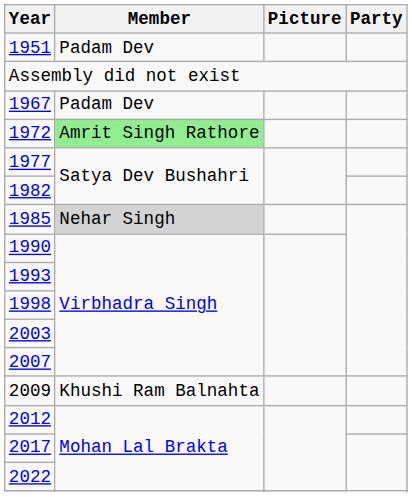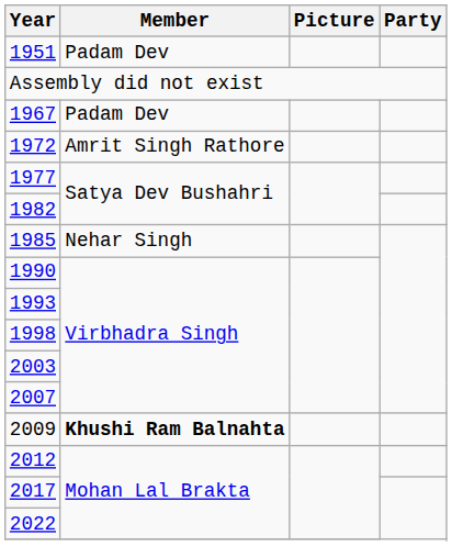 <table class="wikitable sortable">
 <tr>
 <th>Year</th>
 <th>Member</th>
 <th>Picture</th>
 <th colspan="2">Party</th>
 </tr>
 <tr>
 <td><a href='#'>1951</a></td>
 <td>Padam Dev</td>
 <td></td>
 <td></td>
 </tr>
 <tr>
 <td colspan=5>Assembly did not exist</td>
 </tr>
 <tr>
 <td><a href='#'>1967</a></td>
 <td>Padam Dev</td>
 <td></td>
 <td></td>
 </tr>
 <tr>
 <td><a href='#'>1972</a></td>
-<td style="background: lightgreen;">Amrit Singh Rathore</td>
+<td>Amrit Singh Rathore</td>
 <td></td>
 </tr>
 <tr>
 <td><a href='#'>1977</a></td>
 <td rowspan=2>Satya Dev Bushahri</td>
 <td rowspan=2></td>
 <td></td>
 </tr>
 <tr>
 <td><a href='#'>1982</a></td>
 <td></td>
 </tr>
 <tr>
 <td><a href='#'>1985</a></td>
-<td style="background: lightgrey;">Nehar Singh</td>
+<td>Nehar Singh</td>
 <td></td>
 </tr>
 <tr>
 <td><a href='#'>1990</a></td>
 <td rowspan="5"><a href='#'>Virbhadra Singh</a></td>
 <td rowspan="5"></td>
 </tr>
 <tr>
 <td><a href='#'>1993</a></td>
 </tr>
 <tr>
 <td><a href='#'>1998</a></td>
 </tr>
 <tr>
 <td><a href='#'>2003</a></td>
 </tr>
 <tr>
 <td><a href='#'>2007</a></td>
 </tr>
 <tr>
 <td>2009</td>
-<td>Khushi Ram Balnahta</td>
+<td><strong>Khushi Ram Balnahta</strong></td>
 <td></td>
 <td></td>
 </tr>
 <tr>
 <td><a href='#'>2012</a></td>
 <td rowspan="3"><a href='#'>Mohan Lal Brakta</a></td>
 <td rowspan="3"></td>
 <td></td>
 </tr>
 <tr>
 <td><a href='#'>2017</a></td>
 </tr>
 <tr>
 <td><a href='#'>2022</a></td>
 </tr>
 <tr>
 </tr>
 </table>
